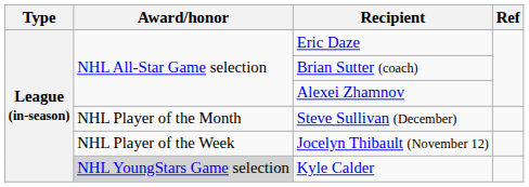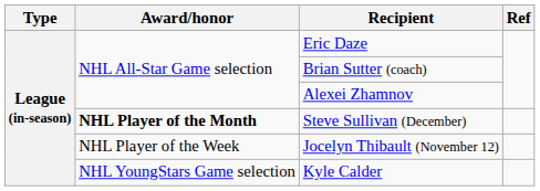 <table class="wikitable">
 <tr>
 <th scope="col">Type</th>
 <th scope="col">Award/honor</th>
 <th scope="col">Recipient</th>
 <th scope="col">Ref</th>
 </tr>
 <tr>
 <th scope="row" rowspan="6">League<br><small>(in-season)</small></th>
 <td rowspan="3"><a href='#'>NHL All-Star Game</a> selection</td>
 <td><a href='#'>Eric Daze</a></td>
 <td rowspan="3"></td>
 </tr>
 <tr>
 <td><a href='#'>Brian Sutter</a> <small>(coach)</small></td>
 </tr>
 <tr>
 <td><a href='#'>Alexei Zhamnov</a></td>
 </tr>
 <tr>
-<td>NHL Player of the Month</td>
+<td><strong>NHL Player of the Month</strong></td>
 <td><a href='#'>Steve Sullivan</a> <small>(December)</small></td>
 <td></td>
 </tr>
 <tr>
 <td>NHL Player of the Week</td>
 <td><a href='#'>Jocelyn Thibault</a> <small>(November 12)</small></td>
 <td></td>
 </tr>
 <tr>
-<td style="background: lightgrey;"><a href='#'>NHL YoungStars Game</a> selection</td>
+<td><a href='#'>NHL YoungStars Game</a> selection</td>
 <td><a href='#'>Kyle Calder</a></td>
 <td></td>
 </tr>
 </table>
